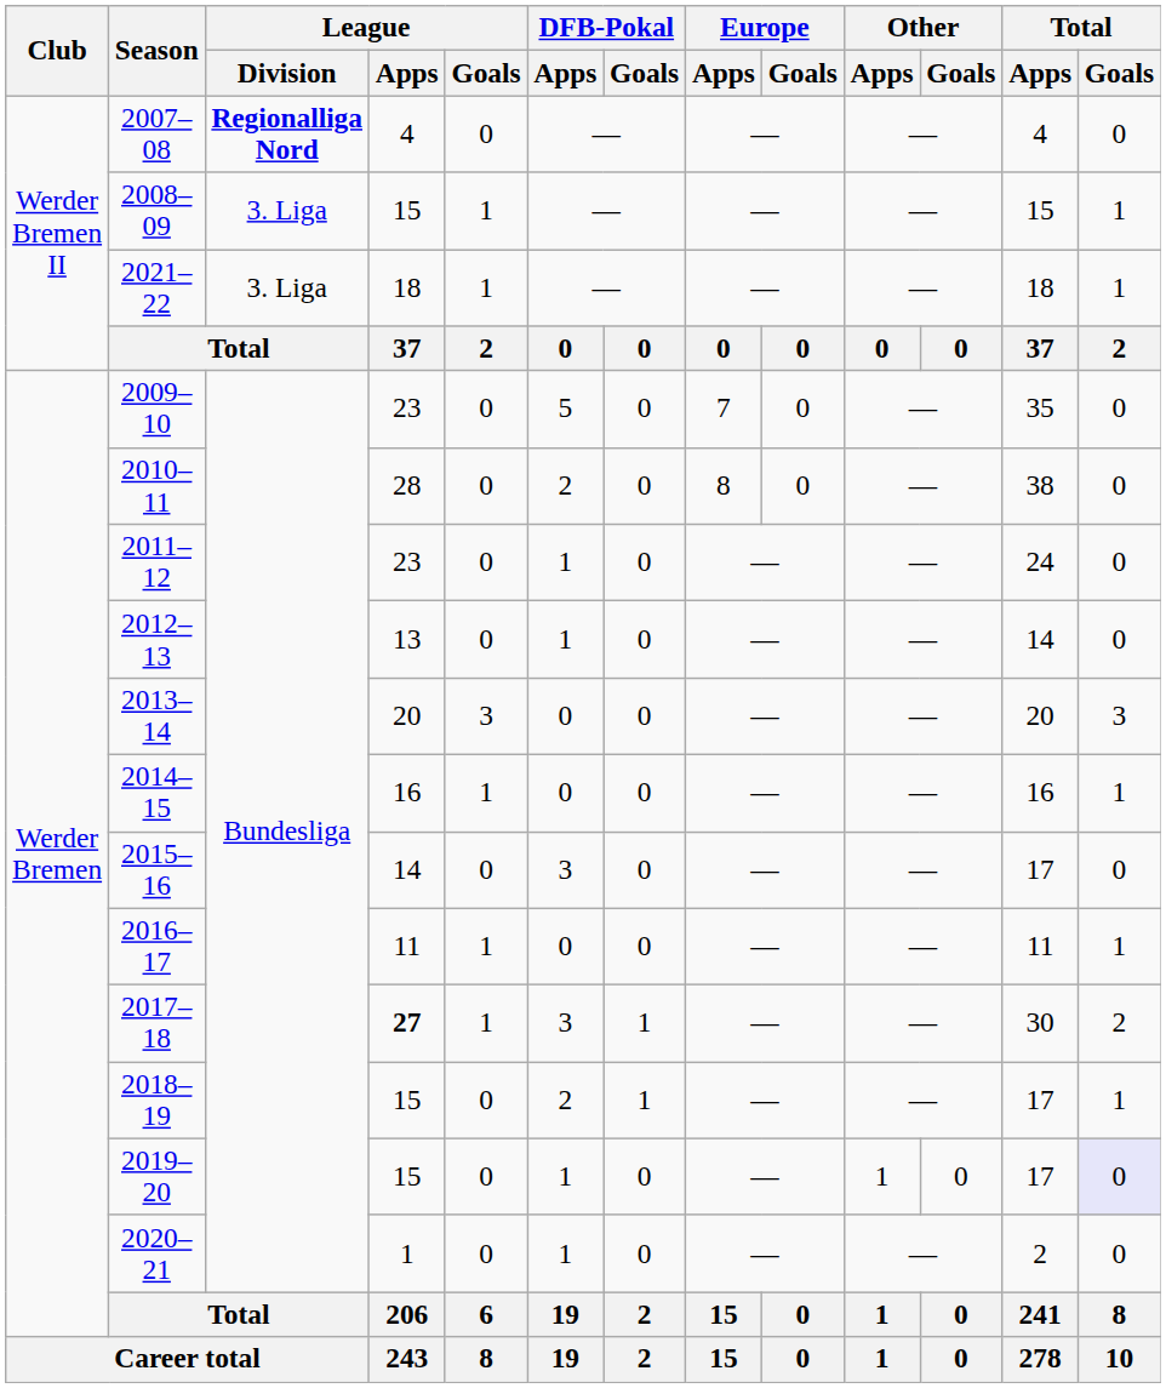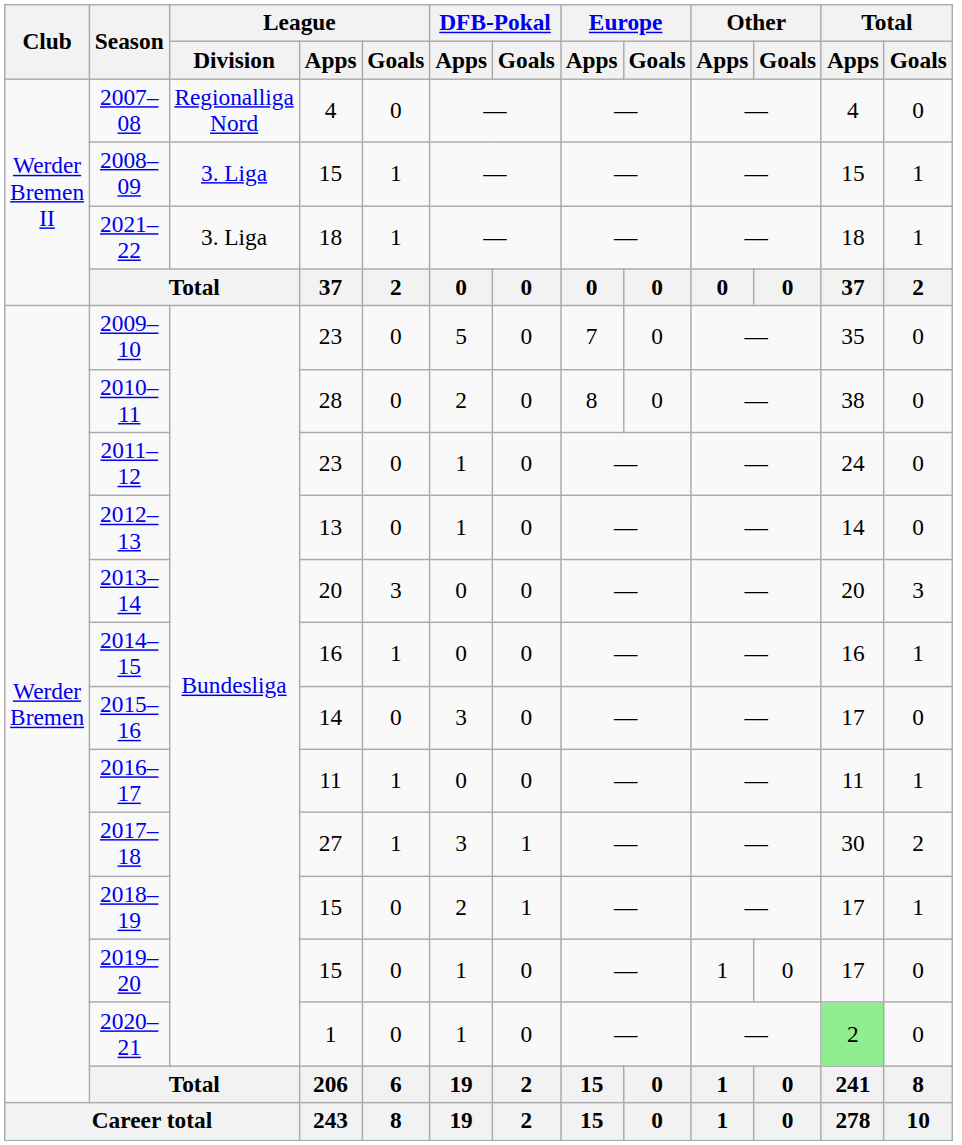 <table class="wikitable" style="text-align: center">
 <tr>
 <th rowspan="2">Club</th>
 <th rowspan="2">Season</th>
 <th colspan="3">League</th>
 <th colspan="2"><a href='#'>DFB-Pokal</a></th>
 <th colspan="2"><a href='#'>Europe</a></th>
 <th colspan="2">Other</th>
 <th colspan="2">Total</th>
 </tr>
 <tr>
 <th>Division</th>
 <th>Apps</th>
 <th>Goals</th>
 <th>Apps</th>
 <th>Goals</th>
 <th>Apps</th>
 <th>Goals</th>
 <th>Apps</th>
 <th>Goals</th>
 <th>Apps</th>
 <th>Goals</th>
 </tr>
 <tr>
 <td rowspan="4"><a href='#'>Werder Bremen II</a></td>
 <td><a href='#'>2007–08</a></td>
-<td><strong><a href='#'>Regionalliga Nord</a></strong></td>
+<td><a href='#'>Regionalliga Nord</a></td>
 <td>4</td>
 <td>0</td>
 <td colspan="2">—</td>
 <td colspan="2">—</td>
 <td colspan="2">—</td>
 <td>4</td>
 <td>0</td>
 </tr>
 <tr>
 <td><a href='#'>2008–09</a></td>
 <td><a href='#'>3. Liga</a></td>
 <td>15</td>
 <td>1</td>
 <td colspan="2">—</td>
 <td colspan="2">—</td>
 <td colspan="2">—</td>
 <td>15</td>
 <td>1</td>
 </tr>
 <tr>
 <td><a href='#'>2021–22</a></td>
 <td>3. Liga</td>
 <td>18</td>
 <td>1</td>
 <td colspan="2">—</td>
 <td colspan="2">—</td>
 <td colspan="2">—</td>
 <td>18</td>
 <td>1</td>
 </tr>
 <tr>
 <th colspan="2">Total</th>
 <th>37</th>
 <th>2</th>
 <th>0</th>
 <th>0</th>
 <th>0</th>
 <th>0</th>
 <th>0</th>
 <th>0</th>
 <th>37</th>
 <th>2</th>
 </tr>
 <tr>
 <td rowspan="13"><a href='#'>Werder Bremen</a></td>
 <td><a href='#'>2009–10</a></td>
 <td rowspan="12"><a href='#'>Bundesliga</a></td>
 <td>23</td>
 <td>0</td>
 <td>5</td>
 <td>0</td>
 <td>7</td>
 <td>0</td>
 <td colspan="2">—</td>
 <td>35</td>
 <td>0</td>
 </tr>
 <tr>
 <td><a href='#'>2010–11</a></td>
 <td>28</td>
 <td>0</td>
 <td>2</td>
 <td>0</td>
 <td>8</td>
 <td>0</td>
 <td colspan="2">—</td>
 <td>38</td>
 <td>0</td>
 </tr>
 <tr>
 <td><a href='#'>2011–12</a></td>
 <td>23</td>
 <td>0</td>
 <td>1</td>
 <td>0</td>
 <td colspan="2">—</td>
 <td colspan="2">—</td>
 <td>24</td>
 <td>0</td>
 </tr>
 <tr>
 <td><a href='#'>2012–13</a></td>
 <td>13</td>
 <td>0</td>
 <td>1</td>
 <td>0</td>
 <td colspan="2">—</td>
 <td colspan="2">—</td>
 <td>14</td>
 <td>0</td>
 </tr>
 <tr>
 <td><a href='#'>2013–14</a></td>
 <td>20</td>
 <td>3</td>
 <td>0</td>
 <td>0</td>
 <td colspan="2">—</td>
 <td colspan="2">—</td>
 <td>20</td>
 <td>3</td>
 </tr>
 <tr>
 <td><a href='#'>2014–15</a></td>
 <td>16</td>
 <td>1</td>
 <td>0</td>
 <td>0</td>
 <td colspan="2">—</td>
 <td colspan="2">—</td>
 <td>16</td>
 <td>1</td>
 </tr>
 <tr>
 <td><a href='#'>2015–16</a></td>
 <td>14</td>
 <td>0</td>
 <td>3</td>
 <td>0</td>
 <td colspan="2">—</td>
 <td colspan="2">—</td>
 <td>17</td>
 <td>0</td>
 </tr>
 <tr>
 <td><a href='#'>2016–17</a></td>
 <td>11</td>
 <td>1</td>
 <td>0</td>
 <td>0</td>
 <td colspan="2">—</td>
 <td colspan="2">—</td>
 <td>11</td>
 <td>1</td>
 </tr>
 <tr>
 <td><a href='#'>2017–18</a></td>
-<td><strong>27</strong></td>
+<td>27</td>
 <td>1</td>
 <td>3</td>
 <td>1</td>
 <td colspan="2">—</td>
 <td colspan="2">—</td>
 <td>30</td>
 <td>2</td>
 </tr>
 <tr>
 <td><a href='#'>2018–19</a></td>
 <td>15</td>
 <td>0</td>
 <td>2</td>
 <td>1</td>
 <td colspan="2">—</td>
 <td colspan="2">—</td>
 <td>17</td>
 <td>1</td>
 </tr>
 <tr>
 <td><a href='#'>2019–20</a></td>
 <td>15</td>
 <td>0</td>
 <td>1</td>
 <td>0</td>
 <td colspan="2">—</td>
 <td>1</td>
 <td>0</td>
 <td>17</td>
-<td style="background: lavender;">0</td>
+<td>0</td>
 </tr>
 <tr>
 <td><a href='#'>2020–21</a></td>
 <td>1</td>
 <td>0</td>
 <td>1</td>
 <td>0</td>
 <td colspan="2">—</td>
 <td colspan="2">—</td>
-<td>2</td>
+<td style="background: lightgreen;">2</td>
 <td>0</td>
 </tr>
 <tr>
 <th colspan="2">Total</th>
 <th>206</th>
 <th>6</th>
 <th>19</th>
 <th>2</th>
 <th>15</th>
 <th>0</th>
 <th>1</th>
 <th>0</th>
 <th>241</th>
 <th>8</th>
 </tr>
 <tr>
 <th colspan="3">Career total</th>
 <th>243</th>
 <th>8</th>
 <th>19</th>
 <th>2</th>
 <th>15</th>
 <th>0</th>
 <th>1</th>
 <th>0</th>
 <th>278</th>
 <th>10</th>
 </tr>
 </table>
